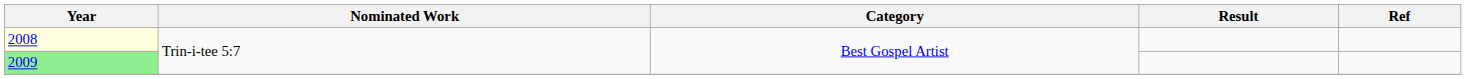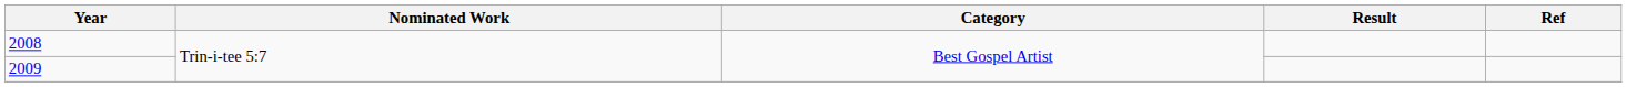 <table class="wikitable" width="100%">
 <tr>
 <th>Year</th>
 <th>Nominated Work</th>
 <th>Category</th>
 <th>Result</th>
 <th>Ref</th>
 </tr>
 <tr>
-<td style="background: lightyellow;"><a href='#'>2008</a></td>
+<td><a href='#'>2008</a></td>
 <td rowspan="2">Trin-i-tee 5:7</td>
 <td rowspan="2" align="center"><a href='#'>Best Gospel Artist</a></td>
 <td></td>
 <td align="center"></td>
 </tr>
 <tr>
-<td style="background: lightgreen;"><a href='#'>2009</a></td>
+<td><a href='#'>2009</a></td>
 <td></td>
 <td align="center"></td>
 </tr>
 <tr>
 </tr>
 </table>
